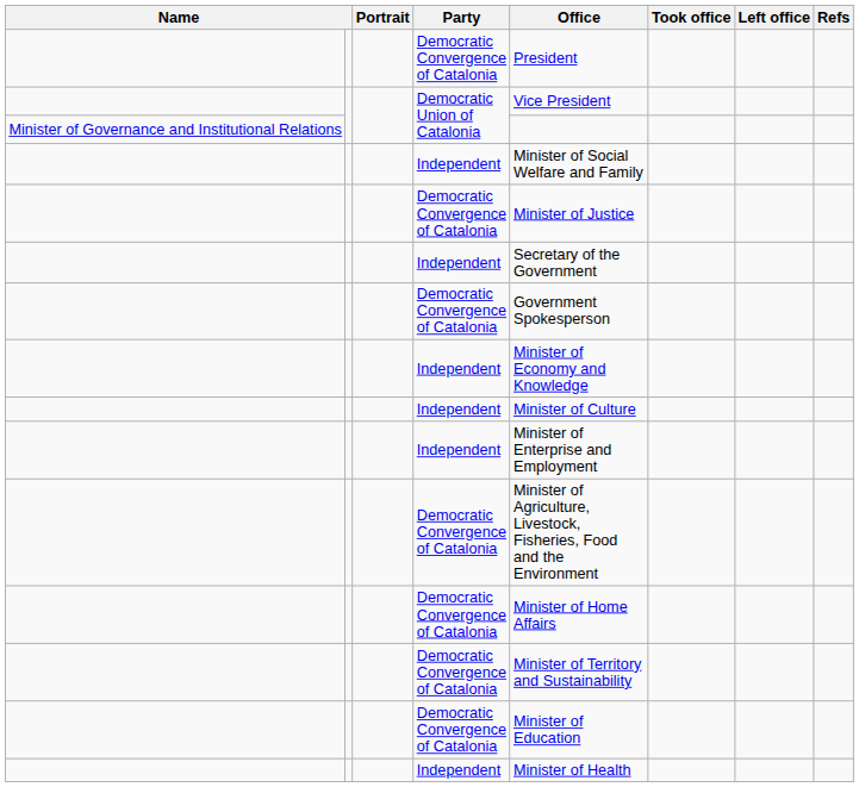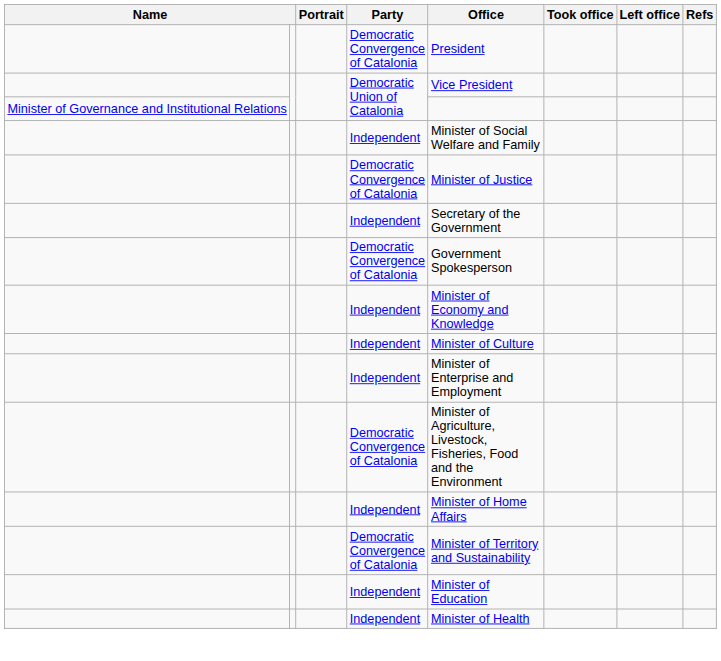 <table class="wikitable plainrowheaders sortable" style="font-size:90%; text-align:left;">
 <tr>
 <th scope=col colspan="2">Name</th>
 <th scope=col class=unsortable>Portrait</th>
 <th scope=col width=75px>Party</th>
 <th scope=col width=125px>Office</th>
 <th scope=col>Took office</th>
 <th scope=col>Left office</th>
 <th scope=col width=25px class=unsortable>Refs</th>
 </tr>
 <tr>
 <td !align="center" style="background:"></td>
 <td></td>
 <td align=center></td>
 <td><a href='#'>Democratic Convergence of Catalonia</a></td>
 <td><a href='#'>President</a></td>
 <td align=center></td>
 <td align=center></td>
 <td align=center></td>
 </tr>
 <tr>
 <td !align="center" style="background:"></td>
 <td rowspan=2></td>
 <td align=center rowspan=2></td>
 <td rowspan=2><a href='#'>Democratic Union of Catalonia</a></td>
 <td><a href='#'>Vice President</a></td>
 <td align=center></td>
 <td align=center></td>
 <td align=center></td>
 </tr>
 <tr>
 <td><a href='#'>Minister of Governance and Institutional Relations</a></td>
 <td align=center></td>
 <td align=center></td>
 <td align=center></td>
 </tr>
 <tr>
 <td !align="center" style="background:"></td>
 <td></td>
 <td align=center></td>
 <td><a href='#'>Independent</a></td>
 <td>Minister of Social Welfare and Family</td>
 <td align=center></td>
 <td align=center></td>
 <td align=center></td>
 </tr>
 <tr>
 <td !align="center" style="background:"></td>
 <td></td>
 <td align=center></td>
 <td><a href='#'>Democratic Convergence of Catalonia</a></td>
 <td><a href='#'>Minister of Justice</a></td>
 <td align=center></td>
 <td align=center></td>
 <td align=center></td>
 </tr>
 <tr>
 <td !align="center" style="background:"></td>
 <td></td>
 <td align=center></td>
 <td><a href='#'>Independent</a></td>
 <td>Secretary of the Government</td>
 <td align=center></td>
 <td align=center></td>
 <td align=center></td>
 </tr>
 <tr>
 <td !align="center" style="background:"></td>
 <td></td>
 <td align=center></td>
 <td><a href='#'>Democratic Convergence of Catalonia</a></td>
 <td>Government Spokesperson</td>
 <td align=center></td>
 <td align=center></td>
 <td align=center></td>
 </tr>
 <tr>
 <td !align="center" style="background:"></td>
 <td></td>
 <td align=center></td>
 <td><a href='#'>Independent</a></td>
 <td><a href='#'>Minister of Economy and Knowledge</a></td>
 <td align=center></td>
 <td align=center></td>
 <td align=center></td>
 </tr>
 <tr>
 <td !align="center" style="background:"></td>
 <td></td>
 <td align=center></td>
 <td><a href='#'>Independent</a></td>
 <td><a href='#'>Minister of Culture</a></td>
 <td align=center></td>
 <td align=center></td>
 <td align=center></td>
 </tr>
 <tr>
 <td !align="center" style="background:"></td>
 <td></td>
 <td align=center></td>
 <td><a href='#'>Independent</a></td>
 <td>Minister of Enterprise and Employment</td>
 <td align=center></td>
 <td align=center></td>
 <td align=center></td>
 </tr>
 <tr>
 <td !align="center" style="background:"></td>
 <td></td>
 <td align=center></td>
 <td><a href='#'>Democratic Convergence of Catalonia</a></td>
 <td>Minister of Agriculture, Livestock, Fisheries, Food and the Environment</td>
 <td align=center></td>
 <td align=center></td>
 <td align=center></td>
 </tr>
 <tr>
 <td !align="center" style="background:"></td>
 <td></td>
 <td align=center></td>
-<td><a href='#'>Democratic Convergence of Catalonia</a></td>
+<td><a href='#'>Independent</a></td>
 <td><a href='#'>Minister of Home Affairs</a></td>
 <td align=center></td>
 <td align=center></td>
 <td align=center></td>
 </tr>
 <tr>
 <td !align="center" style="background:"></td>
 <td></td>
 <td align=center></td>
 <td><a href='#'>Democratic Convergence of Catalonia</a></td>
 <td><a href='#'>Minister of Territory and Sustainability</a></td>
 <td align=center></td>
 <td align=center></td>
 <td align=center></td>
 </tr>
 <tr>
 <td !align="center" style="background:"></td>
 <td></td>
 <td align=center></td>
-<td><a href='#'>Democratic Convergence of Catalonia</a></td>
+<td><a href='#'>Independent</a></td>
 <td><a href='#'>Minister of Education</a></td>
 <td align=center></td>
 <td align=center></td>
 <td align=center></td>
 </tr>
 <tr>
 <td !align="center" style="background:"></td>
 <td></td>
 <td align=center></td>
 <td><a href='#'>Independent</a></td>
 <td><a href='#'>Minister of Health</a></td>
 <td align=center></td>
 <td align=center></td>
 <td align=center></td>
 </tr>
 </table>
